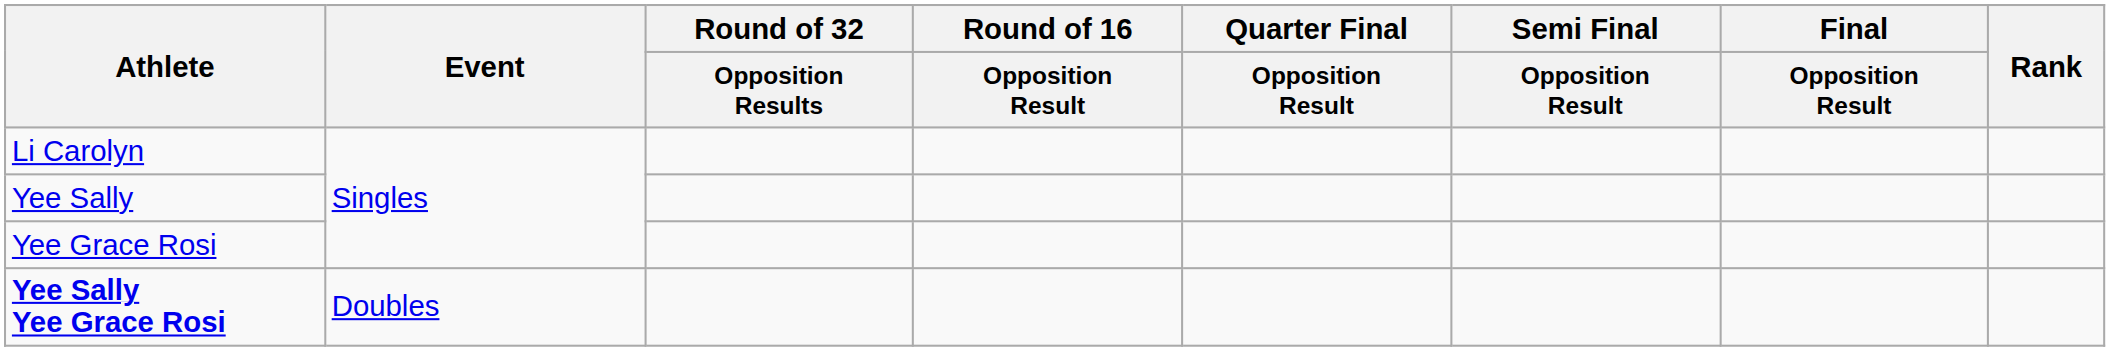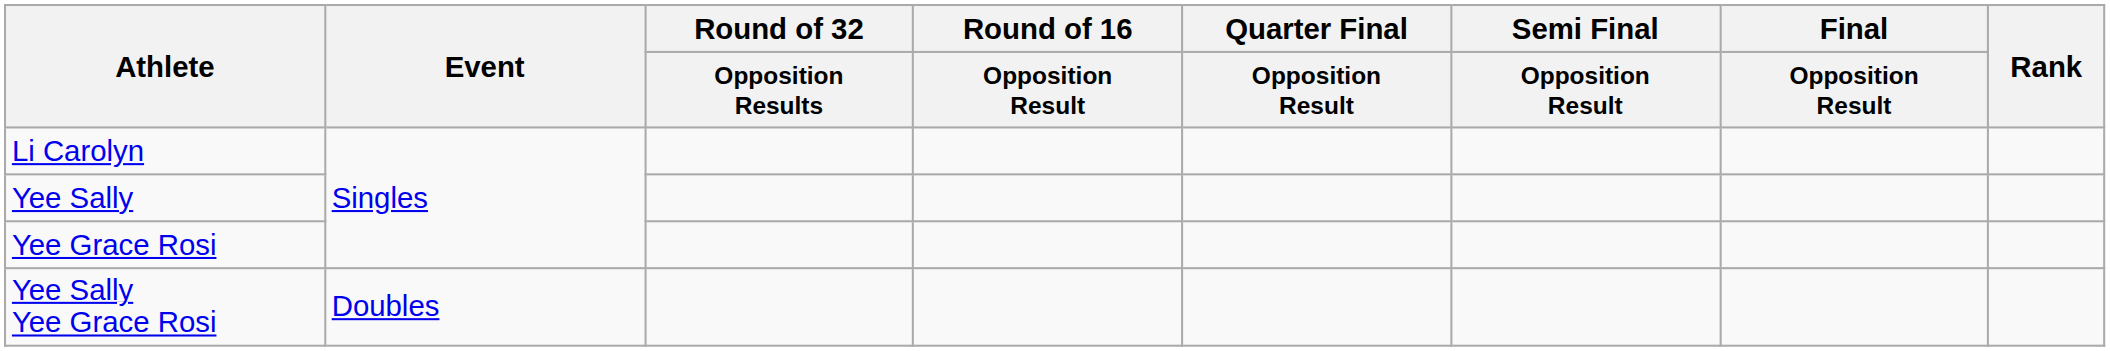 <table class=wikitable style="font-size:90%">
 <tr>
 <th rowspan="2" width=150>Athlete</th>
 <th rowspan="2" width=150>Event</th>
 <th width=125>Round of 32</th>
 <th width=125>Round of 16</th>
 <th width=125>Quarter Final</th>
 <th width=125>Semi Final</th>
 <th width=125>Final</th>
 <th rowspan="2" width=50>Rank</th>
 </tr>
 <tr>
 <th style="line-height:1em"><small>Opposition<br>Results</small></th>
 <th style="line-height:1em"><small>Opposition<br>Result</small></th>
 <th style="line-height:1em"><small>Opposition<br>Result</small></th>
 <th style="line-height:1em"><small>Opposition<br>Result</small></th>
 <th style="line-height:1em"><small>Opposition<br>Result</small></th>
 </tr>
 <tr>
 <td><a href='#'>Li Carolyn</a></td>
 <td rowspan=3><a href='#'>Singles</a></td>
 <td align=><br></td>
 <td align=><br></td>
 <td align=><br></td>
 <td align=><br></td>
 <td align=><br></td>
 <td></td>
 </tr>
 <tr>
 <td><a href='#'>Yee Sally</a></td>
 <td align=><br></td>
 <td align=><br></td>
 <td align=><br></td>
 <td align=><br></td>
 <td align=><br></td>
 <td></td>
 </tr>
 <tr>
 <td><a href='#'>Yee Grace Rosi</a></td>
 <td align=><br></td>
 <td align=><br></td>
 <td align=><br></td>
 <td align=><br></td>
 <td align=><br></td>
 <td></td>
 </tr>
 <tr>
-<td><strong><a href='#'>Yee Sally</a><br> <a href='#'>Yee Grace Rosi</a></strong></td>
+<td><a href='#'>Yee Sally</a><br> <a href='#'>Yee Grace Rosi</a></td>
 <td rowspan=2><a href='#'>Doubles</a></td>
 <td align=><br></td>
 <td align=><br></td>
 <td align=><br></td>
 <td align=><br></td>
 <td align=><br></td>
 <td></td>
 </tr>
 </table>
